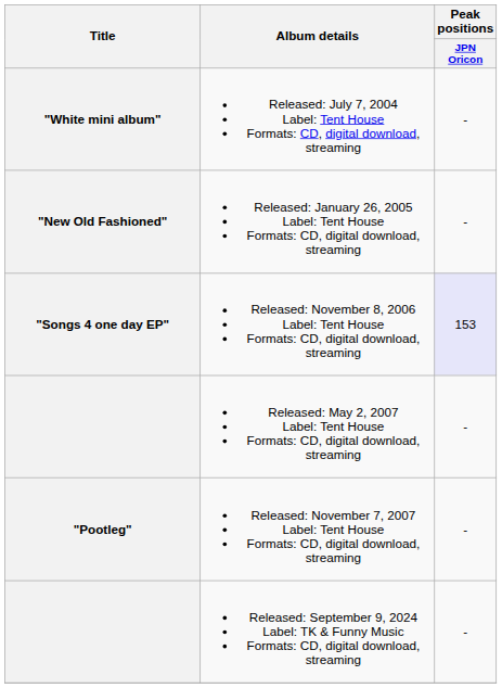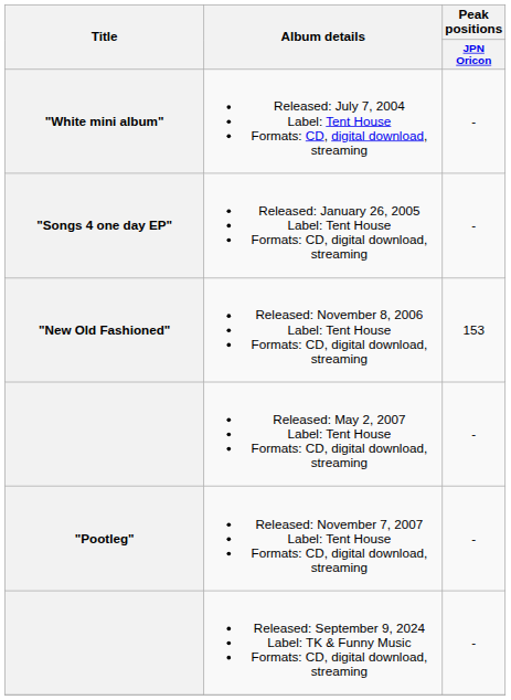 <table class="wikitable plainrowheaders" style="text-align:center;">
 <tr>
 <th style="width:15em;" rowspan="2">Title</th>
 <th style="width:18em;" rowspan="2">Album details</th>
 <th colspan="1">Peak positions</th>
 </tr>
 <tr>
 <th style="width:3em;font-size:85%"><a href='#'>JPN<br>Oricon</a><br></th>
 </tr>
 <tr>
 <th scope="row">"White mini album"</th>
 <td><br><ul><li>Released: July 7, 2004</li><li>Label: <a href='#'>Tent House</a></li><li>Formats: <a href='#'>CD</a>, <a href='#'>digital download</a>, streaming</li></ul></td>
 <td>-</td>
 </tr>
 <tr>
-<th scope="row">"New Old Fashioned"</th>
+<th scope="row">"Songs 4 one day EP"</th>
 <td><br><ul><li>Released: January 26, 2005</li><li>Label: Tent House</li><li>Formats: CD, digital download, streaming</li></ul></td>
 <td>-</td>
 </tr>
 <tr>
-<th scope="row">"Songs 4 one day EP"</th>
+<th scope="row">"New Old Fashioned"</th>
 <td><br><ul><li>Released: November 8, 2006</li><li>Label: Tent House</li><li>Formats: CD, digital download, streaming</li></ul></td>
-<td style="background: lavender;">153</td>
+<td>153</td>
 </tr>
 <tr>
 <th scope="row"></th>
 <td><br><ul><li>Released: May 2, 2007</li><li>Label: Tent House</li><li>Formats: CD, digital download, streaming</li></ul></td>
 <td>-</td>
 </tr>
 <tr>
 <th scope="row">"Pootleg"</th>
 <td><br><ul><li>Released: November 7, 2007</li><li>Label: Tent House</li><li>Formats: CD, digital download, streaming</li></ul></td>
 <td>-</td>
 </tr>
 <tr>
 <th scope="row"></th>
 <td><br><ul><li>Released: September 9, 2024</li><li>Label: TK & Funny Music</li><li>Formats: CD, digital download, streaming</li></ul></td>
 <td>-</td>
 </tr>
 <tr>
 </tr>
 </table>
